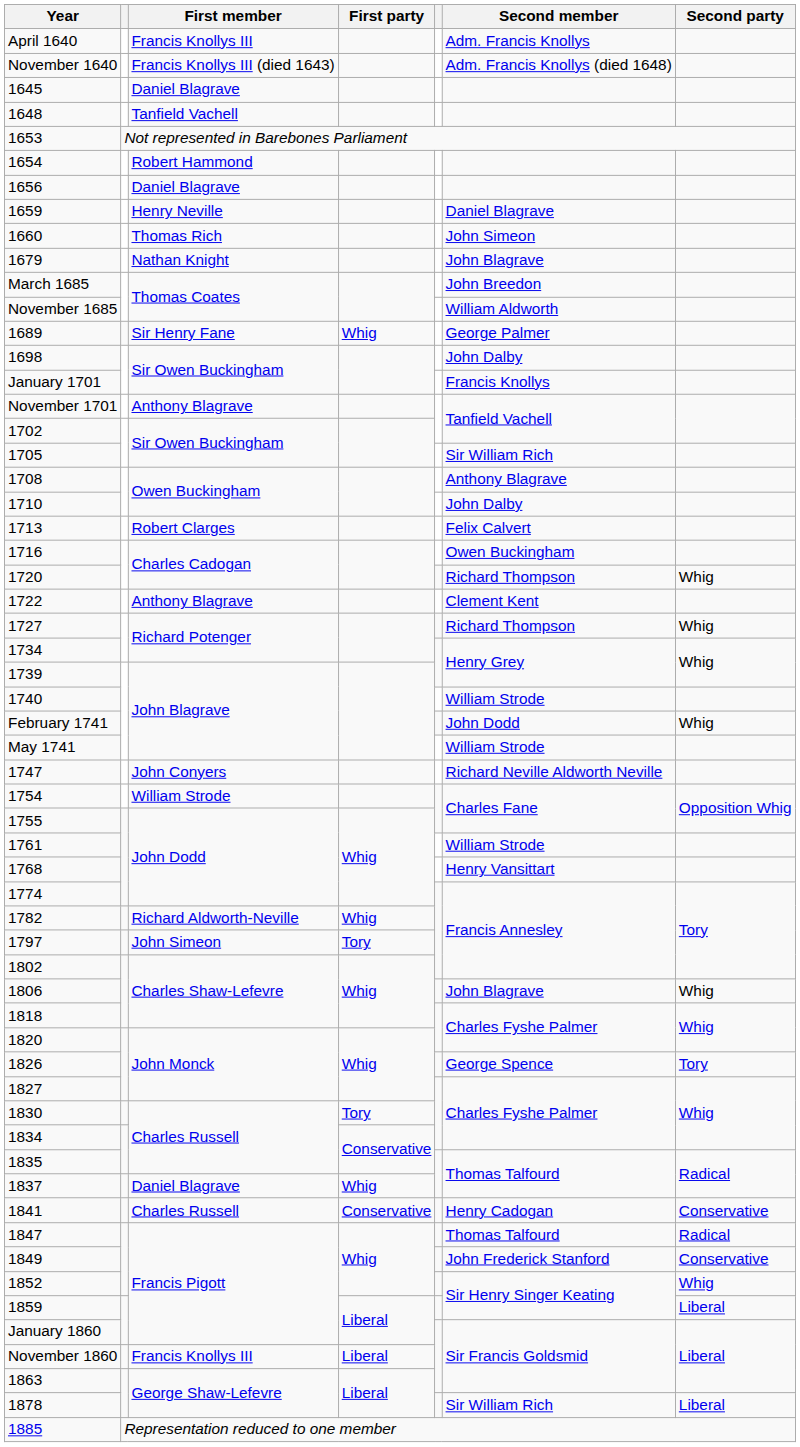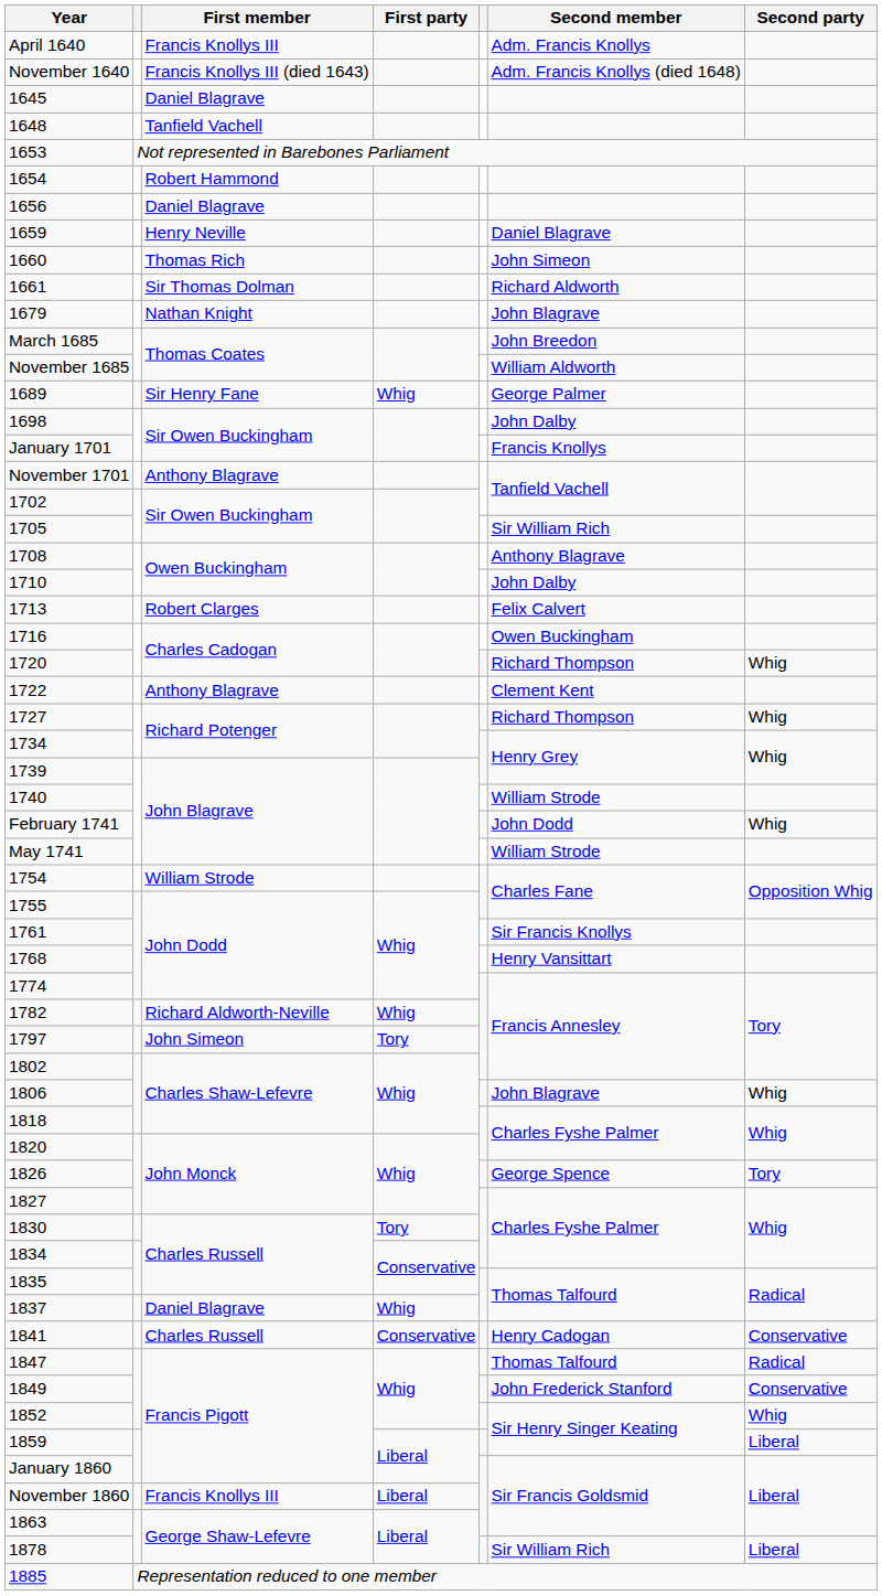 <table class="wikitable">
 <tr>
 <th>Year</th>
 <th></th>
 <th>First member</th>
 <th>First party</th>
 <th></th>
 <th>Second member</th>
 <th>Second party</th>
 </tr>
 <tr>
 <td>April 1640</td>
 <td style="color:inherit;background-color: white"></td>
 <td><a href='#'>Francis Knollys III</a></td>
 <td></td>
 <td style="color:inherit;background-color: white"></td>
 <td><a href='#'>Adm. Francis Knollys</a></td>
 <td></td>
 </tr>
 <tr>
 <td>November 1640</td>
 <td style="color:inherit;background-color: white"></td>
 <td><a href='#'>Francis Knollys III</a> (died 1643)</td>
 <td></td>
 <td style="color:inherit;background-color: white"></td>
 <td><a href='#'>Adm. Francis Knollys</a> (died 1648)</td>
 <td></td>
 </tr>
 <tr>
 <td>1645</td>
 <td style="color:inherit;background-color: white"></td>
 <td><a href='#'>Daniel Blagrave</a></td>
 <td></td>
 <td style="color:inherit;background-color: white"></td>
 <td></td>
 <td></td>
 </tr>
 <tr>
 <td>1648</td>
 <td style="color:inherit;background-color: white"></td>
 <td><a href='#'>Tanfield Vachell</a></td>
 <td></td>
 <td style="color:inherit;background-color: white"></td>
 <td></td>
 <td></td>
 </tr>
 <tr>
 <td>1653</td>
 <td colspan = "6"><em>Not represented in Barebones Parliament</em></td>
 </tr>
 <tr>
 <td>1654</td>
 <td style="color:inherit;background-color: white"></td>
 <td><a href='#'>Robert Hammond</a></td>
 <td></td>
 <td style="color:inherit;background-color: white"></td>
 <td></td>
 <td></td>
 </tr>
 <tr>
 <td>1656</td>
 <td style="color:inherit;background-color: white"></td>
 <td><a href='#'>Daniel Blagrave</a></td>
 <td></td>
 <td style="color:inherit;background-color: white"></td>
 <td></td>
 <td></td>
 </tr>
 <tr>
 <td>1659</td>
 <td style="color:inherit;background-color: white"></td>
 <td><a href='#'>Henry Neville</a></td>
 <td></td>
 <td style="color:inherit;background-color: white"></td>
 <td><a href='#'>Daniel Blagrave</a></td>
 </tr>
 <tr>
 <td>1660</td>
 <td style="color:inherit;background-color: white"></td>
 <td><a href='#'>Thomas Rich</a></td>
 <td></td>
 <td style="color:inherit;background-color: white"></td>
 <td><a href='#'>John Simeon</a></td>
+<td></td>
+</tr>
+<tr>
+<td>1661</td>
+<td style="color:inherit;background-color: white"></td>
+<td><a href='#'>Sir Thomas Dolman</a></td>
+<td></td>
+<td style="color:inherit;background-color: white"></td>
+<td><a href='#'>Richard Aldworth</a></td>
 <td></td>
 </tr>
 <tr>
 <td>1679</td>
 <td style="color:inherit;background-color: white"></td>
 <td><a href='#'>Nathan Knight</a></td>
 <td></td>
 <td style="color:inherit;background-color: white"></td>
 <td><a href='#'>John Blagrave</a></td>
 <td></td>
 </tr>
 <tr>
 <td>March 1685</td>
 <td rowspan="2" style="color:inherit;background-color: white"></td>
 <td rowspan="2"><a href='#'>Thomas Coates</a></td>
 <td rowspan="2"></td>
 <td style="color:inherit;background-color: white"></td>
 <td><a href='#'>John Breedon</a></td>
 <td></td>
 </tr>
 <tr>
 <td>November 1685</td>
 <td style="color:inherit;background-color: white"></td>
 <td><a href='#'>William Aldworth</a></td>
 <td></td>
 </tr>
 <tr>
 <td>1689</td>
 <td style="color:inherit;background-color: "></td>
 <td><a href='#'>Sir Henry Fane</a></td>
 <td><a href='#'>Whig</a></td>
 <td style="color:inherit;background-color: white"></td>
 <td><a href='#'>George Palmer</a></td>
 <td></td>
 </tr>
 <tr>
 <td>1698</td>
 <td rowspan="2" style="color:inherit;background-color: white"></td>
 <td rowspan="2"><a href='#'>Sir Owen Buckingham</a></td>
 <td rowspan="2"></td>
 <td style="color:inherit;background-color: white"></td>
 <td><a href='#'>John Dalby</a></td>
 <td></td>
 </tr>
 <tr>
 <td>January 1701</td>
 <td style="color:inherit;background-color: white"></td>
 <td><a href='#'>Francis Knollys</a></td>
 <td></td>
 </tr>
 <tr>
 <td>November 1701</td>
 <td style="color:inherit;background-color: white"></td>
 <td><a href='#'>Anthony Blagrave</a></td>
 <td></td>
 <td rowspan="2" style="color:inherit;background-color: white"></td>
 <td rowspan="2"><a href='#'>Tanfield Vachell</a></td>
 <td rowspan="2"></td>
 </tr>
 <tr>
 <td>1702</td>
 <td rowspan="2" style="color:inherit;background-color: white"></td>
 <td rowspan="2"><a href='#'>Sir Owen Buckingham</a></td>
 <td rowspan="2"></td>
 </tr>
 <tr>
 <td>1705</td>
 <td style="color:inherit;background-color: white"></td>
 <td><a href='#'>Sir William Rich</a></td>
 <td></td>
 </tr>
 <tr>
 <td>1708</td>
 <td rowspan="2" style="color:inherit;background-color: white"></td>
 <td rowspan="2"><a href='#'>Owen Buckingham</a></td>
 <td rowspan="2"></td>
 <td style="color:inherit;background-color: white"></td>
 <td><a href='#'>Anthony Blagrave</a></td>
 <td></td>
 </tr>
 <tr>
 <td>1710</td>
 <td style="color:inherit;background-color: white"></td>
 <td><a href='#'>John Dalby</a></td>
 <td></td>
 </tr>
 <tr>
 <td>1713</td>
 <td style="color:inherit;background-color: white"></td>
 <td><a href='#'>Robert Clarges</a></td>
 <td></td>
 <td style="color:inherit;background-color: white"></td>
 <td><a href='#'>Felix Calvert</a></td>
 <td></td>
 </tr>
 <tr>
 <td>1716</td>
 <td rowspan="2" style="color:inherit;background-color: white"></td>
 <td rowspan="2"><a href='#'>Charles Cadogan</a></td>
 <td rowspan="2"></td>
 <td style="color:inherit;background-color: white"></td>
 <td><a href='#'>Owen Buckingham</a></td>
 <td></td>
 </tr>
 <tr>
 <td>1720</td>
 <td style="color:inherit;background-color: "></td>
 <td><a href='#'>Richard Thompson</a></td>
 <td>Whig</td>
 </tr>
 <tr>
 <td>1722</td>
 <td style="color:inherit;background-color: white"></td>
 <td><a href='#'>Anthony Blagrave</a></td>
 <td></td>
 <td style="color:inherit;background-color: white"></td>
 <td><a href='#'>Clement Kent</a></td>
 <td></td>
 </tr>
 <tr>
 <td>1727</td>
 <td rowspan="2" style="color:inherit;background-color: white"></td>
 <td rowspan="2"><a href='#'>Richard Potenger</a></td>
 <td rowspan="2"></td>
 <td style="color:inherit;background-color: "></td>
 <td><a href='#'>Richard Thompson</a></td>
 <td>Whig</td>
 </tr>
 <tr>
 <td>1734</td>
 <td rowspan="2" style="color:inherit;background-color: "></td>
 <td rowspan="2"><a href='#'>Henry Grey</a></td>
 <td rowspan="2">Whig</td>
 </tr>
 <tr>
 <td>1739</td>
 <td rowspan="4" style="color:inherit;background-color: white"></td>
 <td rowspan="4"><a href='#'>John Blagrave</a></td>
 <td rowspan="4"></td>
 </tr>
 <tr>
 <td>1740</td>
 <td style="color:inherit;background-color: white"></td>
 <td><a href='#'>William Strode</a></td>
 <td></td>
 </tr>
 <tr>
 <td>February 1741</td>
 <td style="color:inherit;background-color: "></td>
 <td><a href='#'>John Dodd</a></td>
 <td>Whig</td>
 </tr>
 <tr>
 <td>May 1741</td>
 <td style="color:inherit;background-color: white"></td>
 <td><a href='#'>William Strode</a></td>
 <td></td>
 </tr>
 <tr>
-<td>1747</td>
-<td style="color:inherit;background-color: white"></td>
-<td><a href='#'>John Conyers</a></td>
-<td></td>
-<td style="color:inherit;background-color: white"></td>
-<td><a href='#'>Richard Neville Aldworth Neville</a></td>
-<td></td>
-</tr>
-<tr>
 <td>1754</td>
 <td style="color:inherit;background-color: white"></td>
 <td><a href='#'>William Strode</a></td>
 <td></td>
 <td rowspan="2" style="color:inherit;background-color: "></td>
 <td rowspan="2"><a href='#'>Charles Fane</a></td>
 <td rowspan="2"><a href='#'>Opposition Whig</a></td>
 </tr>
 <tr>
 <td>1755</td>
 <td rowspan="4" style="color:inherit;background-color: "></td>
 <td rowspan="4"><a href='#'>John Dodd</a></td>
 <td rowspan="4"><a href='#'>Whig</a></td>
 </tr>
 <tr>
 <td>1761</td>
 <td style="color:inherit;background-color: white"></td>
-<td><a href='#'>William Strode</a></td>
+<td><a href='#'>Sir Francis Knollys</a></td>
 <td></td>
 </tr>
 <tr>
 <td>1768</td>
 <td style="color:inherit;background-color: white"></td>
 <td><a href='#'>Henry Vansittart</a></td>
 <td></td>
 </tr>
 <tr>
 <td>1774</td>
 <td rowspan="4" style="color:inherit;background-color: "></td>
 <td rowspan="4"><a href='#'>Francis Annesley</a></td>
 <td rowspan="4"><a href='#'>Tory</a></td>
 </tr>
 <tr>
 <td>1782</td>
 <td style="color:inherit;background-color: "></td>
 <td><a href='#'>Richard Aldworth-Neville</a></td>
 <td><a href='#'>Whig</a></td>
 </tr>
 <tr>
 <td>1797</td>
 <td style="color:inherit;background-color: "></td>
 <td><a href='#'>John Simeon</a></td>
 <td><a href='#'>Tory</a></td>
 </tr>
 <tr>
 <td>1802</td>
 <td rowspan="3" style="color:inherit;background-color: "></td>
 <td rowspan="3"><a href='#'>Charles Shaw-Lefevre</a></td>
 <td rowspan="3"><a href='#'>Whig</a></td>
 </tr>
 <tr>
 <td>1806</td>
 <td style="color:inherit;background-color: "></td>
 <td><a href='#'>John Blagrave</a></td>
 <td>Whig</td>
 </tr>
 <tr>
 <td>1818</td>
 <td rowspan="2" style="color:inherit;background-color: "></td>
 <td rowspan="2"><a href='#'>Charles Fyshe Palmer</a></td>
 <td rowspan="2"><a href='#'>Whig</a></td>
 </tr>
 <tr>
 <td>1820</td>
 <td rowspan="3" style="color:inherit;background-color: "></td>
 <td rowspan="3"><a href='#'>John Monck</a></td>
 <td rowspan="3"><a href='#'>Whig</a></td>
 </tr>
 <tr>
 <td>1826</td>
 <td style="color:inherit;background-color: "></td>
 <td><a href='#'>George Spence</a></td>
 <td><a href='#'>Tory</a></td>
 </tr>
 <tr>
 <td>1827</td>
 <td rowspan="3" style="color:inherit;background-color: "></td>
 <td rowspan="3"><a href='#'>Charles Fyshe Palmer</a></td>
 <td rowspan="3"><a href='#'>Whig</a></td>
 </tr>
 <tr>
 <td>1830</td>
 <td style="color:inherit;background-color: "></td>
 <td rowspan="3"><a href='#'>Charles Russell</a></td>
 <td><a href='#'>Tory</a></td>
 </tr>
 <tr>
 <td>1834</td>
 <td rowspan="2" style="color:inherit;background-color: "></td>
 <td rowspan="2"><a href='#'>Conservative</a></td>
 </tr>
 <tr>
 <td>1835</td>
 <td rowspan="2" style="color:inherit;background-color: "></td>
 <td rowspan="2"><a href='#'>Thomas Talfourd</a></td>
 <td rowspan="2"><a href='#'>Radical</a></td>
 </tr>
 <tr>
 <td>1837</td>
 <td style="color:inherit;background-color: "></td>
 <td><a href='#'>Daniel Blagrave</a></td>
 <td><a href='#'>Whig</a></td>
 </tr>
 <tr>
 <td>1841</td>
 <td style="color:inherit;background-color: "></td>
 <td><a href='#'>Charles Russell</a></td>
 <td><a href='#'>Conservative</a></td>
 <td style="color:inherit;background-color: "></td>
 <td><a href='#'>Henry Cadogan</a></td>
 <td><a href='#'>Conservative</a></td>
 </tr>
 <tr>
 <td>1847</td>
 <td rowspan="3" style="color:inherit;background-color: "></td>
 <td rowspan="5"><a href='#'>Francis Pigott</a></td>
 <td rowspan="3"><a href='#'>Whig</a></td>
 <td style="color:inherit;background-color: "></td>
 <td><a href='#'>Thomas Talfourd</a></td>
 <td><a href='#'>Radical</a></td>
 </tr>
 <tr>
 <td>1849</td>
 <td style="color:inherit;background-color: "></td>
 <td><a href='#'>John Frederick Stanford</a></td>
 <td><a href='#'>Conservative</a></td>
 </tr>
 <tr>
 <td>1852</td>
 <td style="color:inherit;background-color: "></td>
 <td rowspan="2"><a href='#'>Sir Henry Singer Keating</a></td>
 <td><a href='#'>Whig</a></td>
 </tr>
 <tr>
 <td>1859</td>
 <td rowspan="2" style="color:inherit;background-color: "></td>
 <td rowspan="2"><a href='#'>Liberal</a></td>
 <td style="color:inherit;background-color: "></td>
 <td><a href='#'>Liberal</a></td>
 </tr>
 <tr>
 <td>January 1860</td>
 <td rowspan="3" style="color:inherit;background-color: "></td>
 <td rowspan="3"><a href='#'>Sir Francis Goldsmid</a></td>
 <td rowspan="3"><a href='#'>Liberal</a></td>
 </tr>
 <tr>
 <td>November 1860</td>
 <td style="color:inherit;background-color: "></td>
 <td><a href='#'>Francis Knollys III</a></td>
 <td><a href='#'>Liberal</a></td>
 </tr>
 <tr>
 <td>1863</td>
 <td rowspan="2" style="color:inherit;background-color: "></td>
 <td rowspan="2"><a href='#'>George Shaw-Lefevre</a></td>
 <td rowspan="2"><a href='#'>Liberal</a></td>
 </tr>
 <tr>
 <td>1878</td>
 <td style="color:inherit;background-color: "></td>
 <td><a href='#'>Sir William Rich</a></td>
 <td><a href='#'>Liberal</a></td>
 </tr>
 <tr>
 <td><a href='#'>1885</a></td>
 <td colspan="6"><em>Representation reduced to one member</em></td>
 </tr>
 </table>
